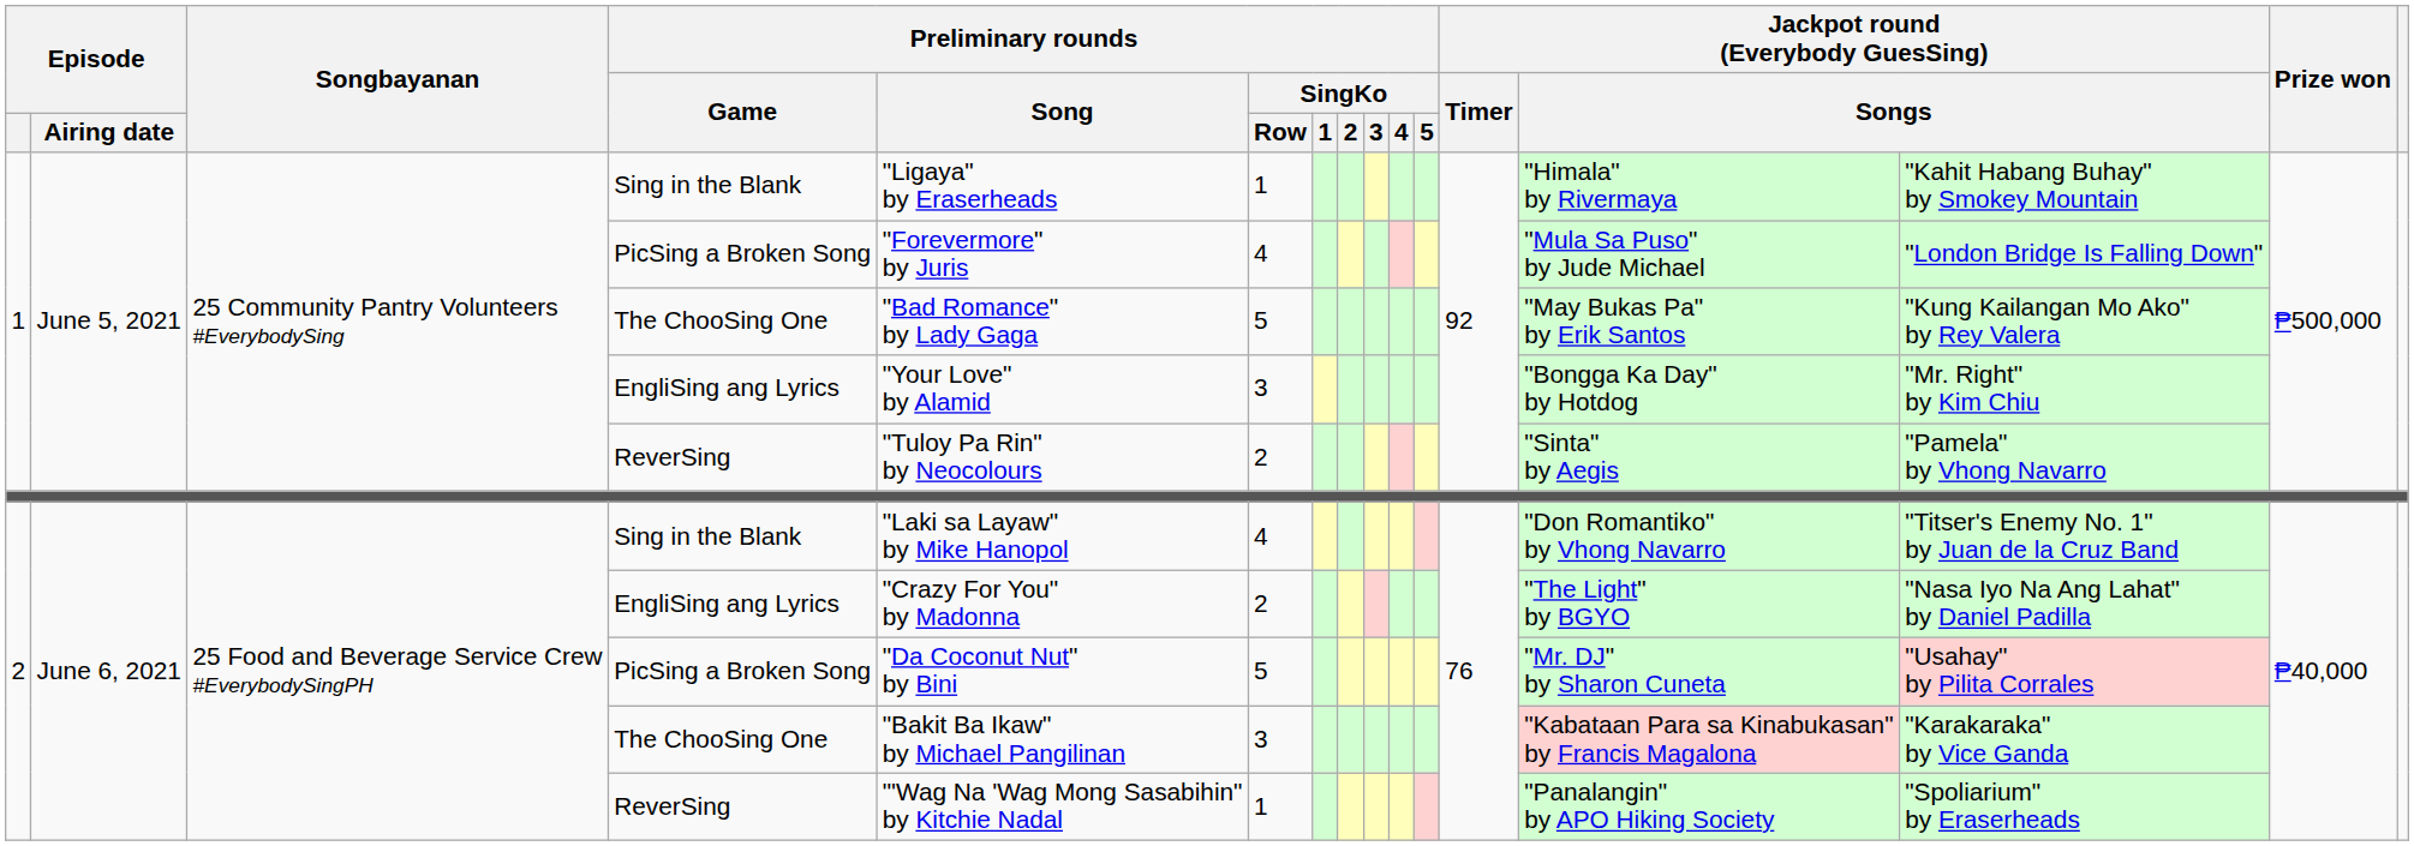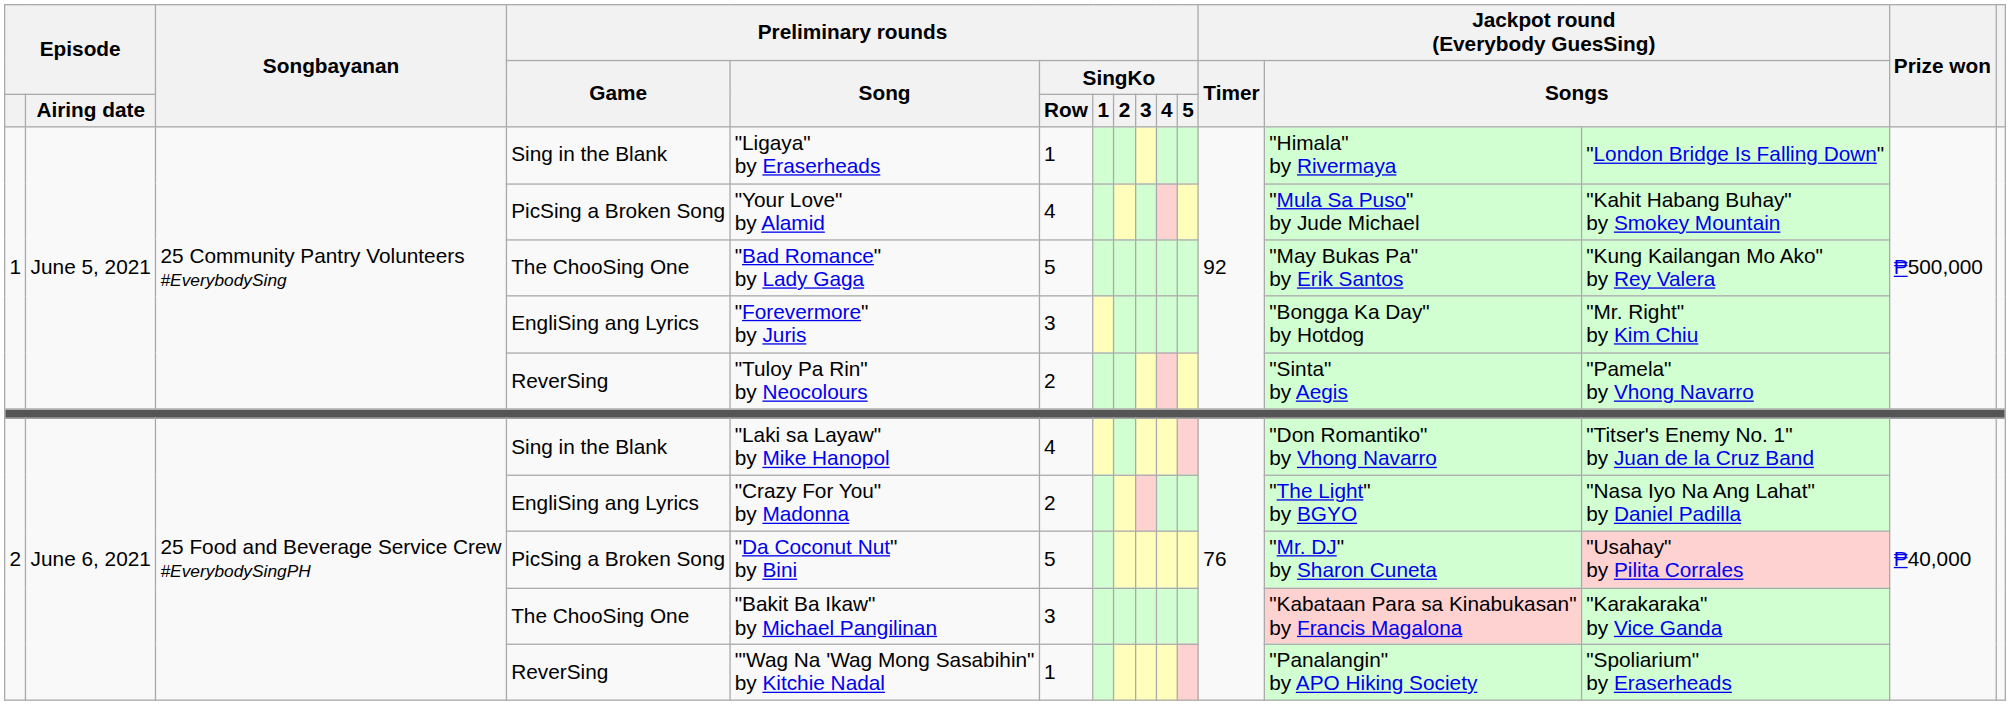 <table class="wikitable plainrowheaders mw-collapsible ">
 <tr>
 <th colspan="2" rowspan="2">Episode</th>
 <th rowspan="3">Songbayanan</th>
 <th colspan="8">Preliminary rounds</th>
 <th colspan="3">Jackpot round<br>(Everybody GuesSing)</th>
 <th rowspan="3">Prize won</th>
 <th rowspan="3"></th>
 </tr>
 <tr>
 <th rowspan="2">Game</th>
 <th rowspan="2">Song</th>
 <th colspan="6">SingKo</th>
 <th rowspan="2">Timer</th>
 <th colspan="2" rowspan="2">Songs</th>
 </tr>
 <tr>
 <th></th>
 <th>Airing date</th>
 <th>Row</th>
 <th>1</th>
 <th>2</th>
 <th>3</th>
 <th>4</th>
 <th>5</th>
 </tr>
 <tr>
 <td rowspan="5">1</td>
 <td rowspan="5">June 5, 2021</td>
 <td rowspan="5">25 Community Pantry Volunteers<br><small><em>#EverybodySing</em></small></td>
 <td>Sing in the Blank</td>
 <td>"Ligaya"<br>by <a href='#'>Eraserheads</a></td>
 <td>1</td>
 <td style="background:#D2FFD2"></td>
 <td style="background:#D2FFD2"></td>
 <td style="background:#FFB"></td>
 <td style="background:#D2FFD2"></td>
 <td style="background:#D2FFD2"></td>
 <td rowspan="5">92 </td>
 <td style="background:#D2FFD2">"Himala"<br>by <a href='#'>Rivermaya</a></td>
-<td style="background:#D2FFD2">"Kahit Habang Buhay"<br>by <a href='#'>Smokey Mountain</a></td>
+<td style="background:#D2FFD2">"<a href='#'>London Bridge Is Falling Down</a>"</td>
 <td rowspan="5"><a href='#'>₱</a>500,000</td>
 <td rowspan="5"><br><br></td>
 </tr>
 <tr>
 <td>PicSing a Broken Song</td>
-<td>"<a href='#'>Forevermore</a>"<br>by <a href='#'>Juris</a></td>
+<td>"Your Love"<br>by <a href='#'>Alamid</a></td>
 <td>4</td>
 <td style="background:#D2FFD2"></td>
 <td style="background:#FFB"></td>
 <td style="background:#D2FFD2"></td>
 <td style="background:#FFD2D2"></td>
 <td style="background:#FFB"></td>
 <td style="background:#D2FFD2">"<a href='#'>Mula Sa Puso</a>"<br>by Jude Michael</td>
-<td style="background:#D2FFD2">"<a href='#'>London Bridge Is Falling Down</a>"</td>
+<td style="background:#D2FFD2">"Kahit Habang Buhay"<br>by <a href='#'>Smokey Mountain</a></td>
 </tr>
 <tr>
 <td>The ChooSing One</td>
 <td>"<a href='#'>Bad Romance</a>"<br>by <a href='#'>Lady Gaga</a></td>
 <td>5</td>
 <td style="background:#D2FFD2"></td>
 <td style="background:#D2FFD2"></td>
 <td style="background:#D2FFD2"></td>
 <td style="background:#D2FFD2"></td>
 <td style="background:#D2FFD2"></td>
 <td style="background:#D2FFD2">"May Bukas Pa"<br>by <a href='#'>Erik Santos</a></td>
 <td style="background:#D2FFD2">"Kung Kailangan Mo Ako"<br>by <a href='#'>Rey Valera</a></td>
 </tr>
 <tr>
 <td>EngliSing ang Lyrics</td>
-<td>"Your Love"<br>by <a href='#'>Alamid</a></td>
+<td>"<a href='#'>Forevermore</a>"<br>by <a href='#'>Juris</a></td>
 <td>3</td>
 <td style="background:#FFB"></td>
 <td style="background:#D2FFD2"></td>
 <td style="background:#D2FFD2"></td>
 <td style="background:#D2FFD2"></td>
 <td style="background:#D2FFD2"></td>
 <td style="background:#D2FFD2">"Bongga Ka Day"<br>by Hotdog</td>
 <td style="background:#D2FFD2">"Mr. Right"<br>by <a href='#'>Kim Chiu</a></td>
 </tr>
 <tr>
 <td>ReverSing</td>
 <td>"Tuloy Pa Rin"<br>by <a href='#'>Neocolours</a></td>
 <td>2</td>
 <td style="background:#D2FFD2"></td>
 <td style="background:#D2FFD2"></td>
 <td style="background:#FFB"></td>
 <td style="background:#FFD2D2"></td>
 <td style="background:#FFB"></td>
 <td style="background:#D2FFD2">"Sinta"<br>by <a href='#'>Aegis</a></td>
 <td style="background:#D2FFD2">"Pamela"<br>by <a href='#'>Vhong Navarro</a></td>
 </tr>
 <tr>
 <th colspan="16" style="background:#555;"></th>
 </tr>
 <tr>
 <td rowspan="5">2</td>
 <td rowspan="5">June 6, 2021</td>
 <td rowspan="5">25 Food and Beverage Service Crew<br><small><em>#EverybodySingPH</em></small></td>
 <td>Sing in the Blank</td>
 <td>"Laki sa Layaw"<br>by <a href='#'>Mike Hanopol</a></td>
 <td>4</td>
 <td style="background:#FFB"></td>
 <td style="background:#D2FFD2"></td>
 <td style="background:#FFB"></td>
 <td style="background:#FFB"></td>
 <td style="background:#FFD2D2"></td>
 <td rowspan="5">76 </td>
 <td style="background:#D2FFD2">"Don Romantiko"<br>by <a href='#'>Vhong Navarro</a></td>
 <td style="background:#D2FFD2">"Titser's Enemy No. 1"<br>by <a href='#'>Juan de la Cruz Band</a></td>
 <td rowspan="5"><a href='#'>₱</a>40,000</td>
 <td rowspan="5"><br></td>
 </tr>
 <tr>
 <td>EngliSing ang Lyrics</td>
 <td>"Crazy For You"<br>by <a href='#'>Madonna</a></td>
 <td>2</td>
 <td style="background:#D2FFD2"></td>
 <td style="background:#FFB"></td>
 <td style="background:#FFD2D2"></td>
 <td style="background:#D2FFD2"></td>
 <td style="background:#D2FFD2"></td>
 <td style="background:#D2FFD2">"<a href='#'>The Light</a>"<br>by <a href='#'>BGYO</a></td>
 <td style="background:#D2FFD2">"Nasa Iyo Na Ang Lahat"<br>by <a href='#'>Daniel Padilla</a></td>
 </tr>
 <tr>
 <td>PicSing a Broken Song</td>
 <td>"<a href='#'>Da Coconut Nut</a>"<br>by <a href='#'>Bini</a></td>
 <td>5</td>
 <td style="background:#D2FFD2"></td>
 <td style="background:#FFB"></td>
 <td style="background:#FFB"></td>
 <td style="background:#FFB"></td>
 <td style="background:#FFB"></td>
 <td style="background:#D2FFD2">"<a href='#'>Mr. DJ</a>"<br>by <a href='#'>Sharon Cuneta</a></td>
 <td style="background:#FFD2D2">"Usahay"<br>by <a href='#'>Pilita Corrales</a></td>
 </tr>
 <tr>
 <td>The ChooSing One</td>
 <td>"Bakit Ba Ikaw"<br>by <a href='#'>Michael Pangilinan</a></td>
 <td>3</td>
 <td style="background:#D2FFD2"></td>
 <td style="background:#D2FFD2"></td>
 <td style="background:#D2FFD2"></td>
 <td style="background:#D2FFD2"></td>
 <td style="background:#D2FFD2"></td>
 <td style="background:#FFD2D2">"Kabataan Para sa Kinabukasan"<br>by <a href='#'>Francis Magalona</a></td>
 <td style="background:#D2FFD2">"Karakaraka"<br>by <a href='#'>Vice Ganda</a></td>
 </tr>
 <tr>
 <td>ReverSing</td>
 <td>"'Wag Na 'Wag Mong Sasabihin"<br>by <a href='#'>Kitchie Nadal</a></td>
 <td>1</td>
 <td style="background:#D2FFD2"></td>
 <td style="background:#FFB"></td>
 <td style="background:#FFB"></td>
 <td style="background:#FFB"></td>
 <td style="background:#FFD2D2"></td>
 <td style="background:#D2FFD2">"Panalangin"<br>by <a href='#'>APO Hiking Society</a></td>
 <td style="background:#D2FFD2">"Spoliarium"<br>by <a href='#'>Eraserheads</a></td>
 </tr>
 </table>
